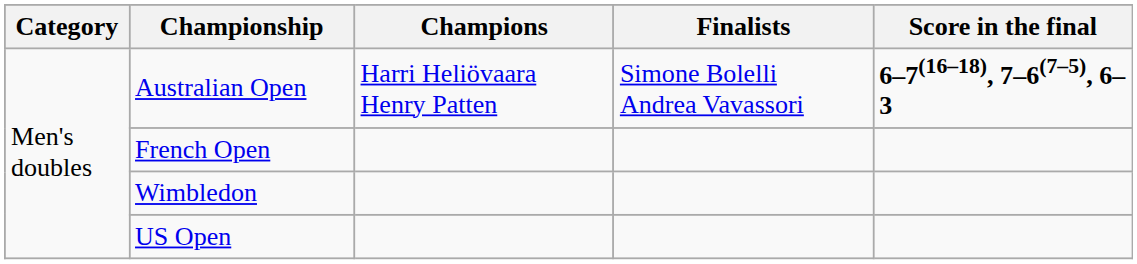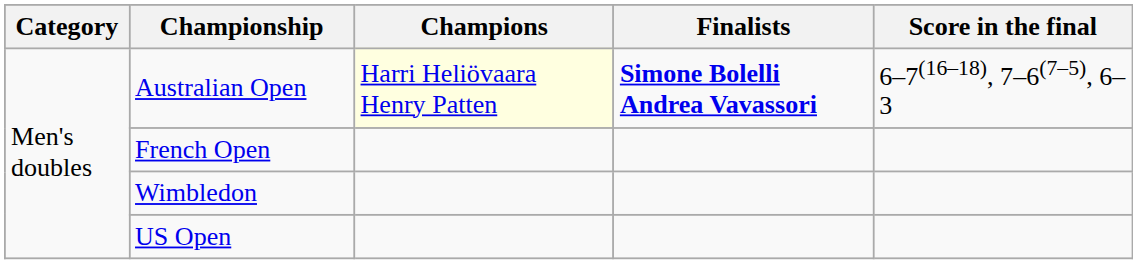 <table class="wikitable" style="font-size:90%;" width="100%">
 <tr>
 <th style="width: 11%;">Category</th>
 <th style="width: 20%;">Championship</th>
 <th style="width: 23%;">Champions</th>
 <th style="width: 23%;">Finalists</th>
 <th style="width: 23%;">Score in the final</th>
 </tr>
 <tr>
 <td rowspan="4">Men's doubles</td>
 <td><a href='#'>Australian Open</a></td>
-<td> <a href='#'>Harri Heliövaara</a> <br>  <a href='#'>Henry Patten</a></td>
-<td> <a href='#'>Simone Bolelli</a> <br>  <a href='#'>Andrea Vavassori</a></td>
-<td><strong>6–7<sup>(16–18)</sup>, 7–6<sup>(7–5)</sup>, 6–3</strong></td>
+<td style="background: lightyellow;"> <a href='#'>Harri Heliövaara</a> <br>  <a href='#'>Henry Patten</a></td>
+<td><strong> <a href='#'>Simone Bolelli</a> <br>  <a href='#'>Andrea Vavassori</a></strong></td>
+<td>6–7<sup>(16–18)</sup>, 7–6<sup>(7–5)</sup>, 6–3</td>
 </tr>
 <tr>
 <td><a href='#'>French Open</a></td>
 <td></td>
 <td></td>
 <td></td>
 </tr>
 <tr>
 <td><a href='#'>Wimbledon</a></td>
 <td></td>
 <td></td>
 <td></td>
 </tr>
 <tr>
 <td><a href='#'>US Open</a></td>
 <td></td>
 <td></td>
 <td></td>
 </tr>
 </table>
